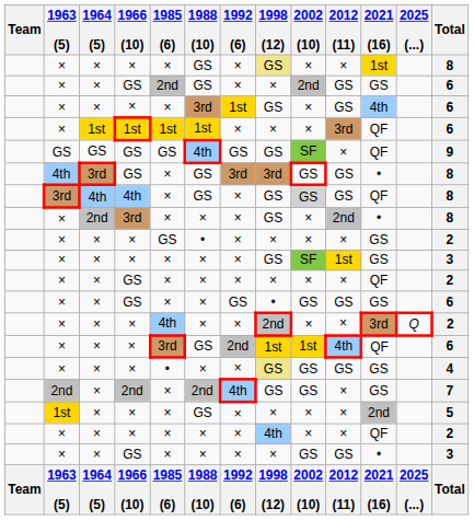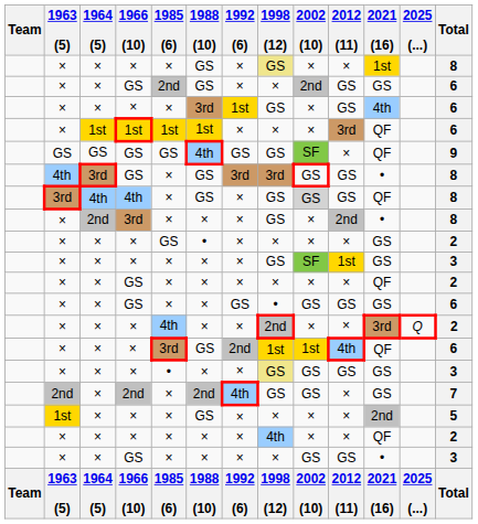 <table class="wikitable" style="text-align:center; font-size:90%;">
 <tr>
 <th>Team</th>
 <th><a href='#'>1963</a><br><br>(5)</th>
 <th><a href='#'>1964</a><br><br>(5)</th>
 <th><a href='#'>1966</a><br><br>(10)</th>
 <th><a href='#'>1985</a><br><br>(6)</th>
 <th><a href='#'>1988</a><br><br>(10)</th>
 <th><a href='#'>1992</a><br><br>(6)</th>
 <th><a href='#'>1998</a><br><br>(12)</th>
 <th><a href='#'>2002</a><br><br>(10)</th>
 <th><a href='#'>2012</a><br><br>(11)</th>
 <th><a href='#'>2021</a><br><br>(16)</th>
 <th><a href='#'>2025</a><br><br>(...)</th>
 <th>Total</th>
 </tr>
 <tr>
 <td id="ALG" align=left></td>
 <td>×</td>
 <td>×</td>
 <td>×</td>
 <td>×</td>
 <td>GS</td>
 <td>×</td>
 <td style="background: khaki;">GS</td>
 <td>×</td>
 <td>×</td>
 <td style="background-color:gold;">1st</td>
 <td></td>
 <th>8</th>
 </tr>
 <tr>
 <td id="BHR" align=left></td>
 <td>×</td>
 <td>×</td>
 <td>GS</td>
 <td style="background-color:silver;">2nd</td>
 <td>GS</td>
 <td>×</td>
 <td>×</td>
 <td style="background-color:silver;">2nd</td>
 <td>GS</td>
 <td>GS</td>
 <td></td>
 <th>6</th>
 </tr>
 <tr>
 <td id="EGY" align=left></td>
 <td>×</td>
 <td>×</td>
 <td>×</td>
 <td>×</td>
 <td style="background-color:#cc9966;">3rd</td>
 <td style="background-color:gold;">1st</td>
 <td>GS</td>
 <td>×</td>
 <td>GS</td>
 <td style="background-color:#9acdff;">4th</td>
 <td></td>
 <th>6</th>
 </tr>
 <tr>
 <td id="IRQ" align=left></td>
 <td>×</td>
 <td style="background-color:gold;">1st</td>
 <td style="border: 3px solid red;background-color:gold;">1st</td>
 <td style="background-color:gold;">1st</td>
 <td style="background-color:gold;">1st</td>
 <td>×</td>
 <td>×</td>
 <td>×</td>
 <td style="background-color:#cc9966;">3rd</td>
 <td>QF</td>
 <td></td>
 <th>6</th>
 </tr>
 <tr>
 <td id="JOR" align=left></td>
 <td>GS</td>
 <td>GS</td>
 <td>GS</td>
 <td>GS</td>
 <td style="border: 3px solid red;background-color:#9acdff;">4th</td>
 <td>GS</td>
 <td>GS</td>
 <td style="background-color:#81c846;">SF</td>
 <td>×</td>
 <td>QF</td>
 <td></td>
 <th>9</th>
 </tr>
 <tr>
 <td id="KUW" align=left></td>
 <td style="background-color:#9acdff;">4th</td>
 <td style="border: 3px solid red;background-color:#cc9966;">3rd</td>
 <td>GS</td>
 <td>×</td>
 <td>GS</td>
 <td style="background-color:#cc9966;">3rd</td>
 <td style="background-color:#cc9966;">3rd</td>
 <td style="border: 3px solid red">GS</td>
 <td>GS</td>
 <td>•</td>
 <td></td>
 <th>8</th>
 </tr>
 <tr>
 <td id="LBN" align=left></td>
 <td style="border: 3px solid red;background-color:#cc9966;">3rd</td>
 <td style="background-color:#9acdff;">4th</td>
 <td style="background-color:#9acdff;">4th</td>
 <td>×</td>
 <td>GS</td>
 <td>×</td>
 <td>GS</td>
 <td style="background: lightgrey;">GS</td>
 <td>GS</td>
 <td>QF</td>
 <td></td>
 <th>8</th>
 </tr>
 <tr>
 <td id="LBY" align=left></td>
 <td>×</td>
 <td style="background-color:silver;">2nd</td>
 <td style="background-color:#cc9966;">3rd</td>
 <td>×</td>
 <td>×</td>
 <td>×</td>
 <td>GS</td>
 <td>×</td>
 <td style="background-color:silver;">2nd</td>
 <td>•</td>
 <td></td>
 <th>8</th>
 </tr>
 <tr>
 <td id="MTN" align=left></td>
 <td>×</td>
 <td>×</td>
 <td>×</td>
 <td>GS</td>
 <td>•</td>
 <td>×</td>
 <td>×</td>
 <td>×</td>
 <td>×</td>
 <td>GS</td>
 <td></td>
 <th>2</th>
 </tr>
 <tr>
 <td id="MAR" align=left></td>
 <td>×</td>
 <td>×</td>
 <td>×</td>
 <td>×</td>
 <td>×</td>
 <td>×</td>
 <td>GS</td>
 <td style="background-color:#81c846;">SF</td>
 <td style="background-color:gold;">1st</td>
 <td>GS</td>
 <td></td>
 <th>3</th>
 </tr>
 <tr>
 <td id="OMA" align=left></td>
 <td>×</td>
 <td>×</td>
 <td>GS</td>
 <td>×</td>
 <td>×</td>
 <td>×</td>
 <td>×</td>
 <td>×</td>
 <td>×</td>
 <td>QF</td>
 <td></td>
 <th>2</th>
 </tr>
 <tr>
 <td id="PLE" align=left></td>
 <td>×</td>
 <td>×</td>
 <td>GS</td>
 <td>×</td>
 <td>×</td>
 <td>GS</td>
 <td>•</td>
 <td>GS</td>
 <td>GS</td>
 <td>GS</td>
 <td></td>
 <th>6</th>
 </tr>
 <tr>
 <td id="QAT" align=left></td>
 <td>×</td>
 <td>×</td>
 <td>×</td>
 <td style="background-color:#9acdff;">4th</td>
 <td>×</td>
 <td>×</td>
 <td style="border: 3px solid red;background-color:silver;">2nd</td>
 <td>×</td>
 <td>×</td>
 <td style="border: 3px solid red;background-color:#cc9966;">3rd</td>
 <td style="border: 3px solid red;"><em>Q</em></td>
 <th>2</th>
 </tr>
 <tr>
 <td id="KSA" align=left></td>
 <td>×</td>
 <td>×</td>
 <td>×</td>
 <td style="border: 3px solid red;background-color:#cc9966;">3rd</td>
 <td>GS</td>
 <td style="background-color:silver;">2nd</td>
 <td style="background-color:gold;">1st</td>
 <td style="background-color:gold;">1st</td>
 <td style="border: 3px solid red;background-color:#9acdff;">4th</td>
 <td>QF</td>
 <td></td>
 <th>6</th>
 </tr>
 <tr>
 <td id="SUD" align=left></td>
 <td>×</td>
 <td>×</td>
 <td>×</td>
 <td>•</td>
 <td>×</td>
 <td>×</td>
 <td style="background: khaki;">GS</td>
 <td>GS</td>
 <td>GS</td>
 <td>GS</td>
 <td></td>
-<th>4</th>
+<th>3</th>
 </tr>
 <tr>
 <td id="SYR" align=left></td>
 <td style="background-color:silver;">2nd</td>
 <td>×</td>
 <td style="background-color:silver;">2nd</td>
 <td>×</td>
 <td style="background-color:silver;">2nd</td>
 <td style="border: 3px solid red;background-color:#9acdff;">4th</td>
 <td>GS</td>
 <td>GS</td>
 <td>×</td>
 <td>GS</td>
 <td></td>
 <th>7</th>
 </tr>
 <tr>
 <td id="TUN" align=left></td>
 <td style="background-color:gold;">1st</td>
 <td>×</td>
 <td>×</td>
 <td>×</td>
 <td>GS</td>
 <td>×</td>
 <td>×</td>
 <td>×</td>
 <td>×</td>
 <td style="background-color:silver;">2nd</td>
 <td></td>
 <th>5</th>
 </tr>
 <tr>
 <td id="UAE" align=left></td>
 <td>×</td>
 <td>×</td>
 <td>×</td>
 <td>×</td>
 <td>×</td>
 <td>×</td>
 <td style="background-color:#9acdff;">4th</td>
 <td>×</td>
 <td>×</td>
 <td>QF</td>
 <td></td>
 <th>2</th>
 </tr>
 <tr>
 <td id="YEM" align=left></td>
 <td>×</td>
 <td>×</td>
 <td>GS</td>
 <td>×</td>
 <td>×</td>
 <td>×</td>
 <td>×</td>
 <td>GS</td>
 <td>GS</td>
 <td>•</td>
 <td></td>
 <th>3</th>
 </tr>
 <tr>
 <th>Team</th>
 <th><a href='#'>1963</a><br><br>(5)</th>
 <th><a href='#'>1964</a><br><br>(5)</th>
 <th><a href='#'>1966</a><br><br>(10)</th>
 <th><a href='#'>1985</a><br><br>(6)</th>
 <th><a href='#'>1988</a><br><br>(10)</th>
 <th><a href='#'>1992</a><br><br>(6)</th>
 <th><a href='#'>1998</a><br><br>(12)</th>
 <th><a href='#'>2002</a><br><br>(10)</th>
 <th><a href='#'>2012</a><br><br>(11)</th>
 <th><a href='#'>2021</a><br><br>(16)</th>
 <th><a href='#'>2025</a><br><br>(...)</th>
 <th>Total</th>
 </tr>
 </table>
